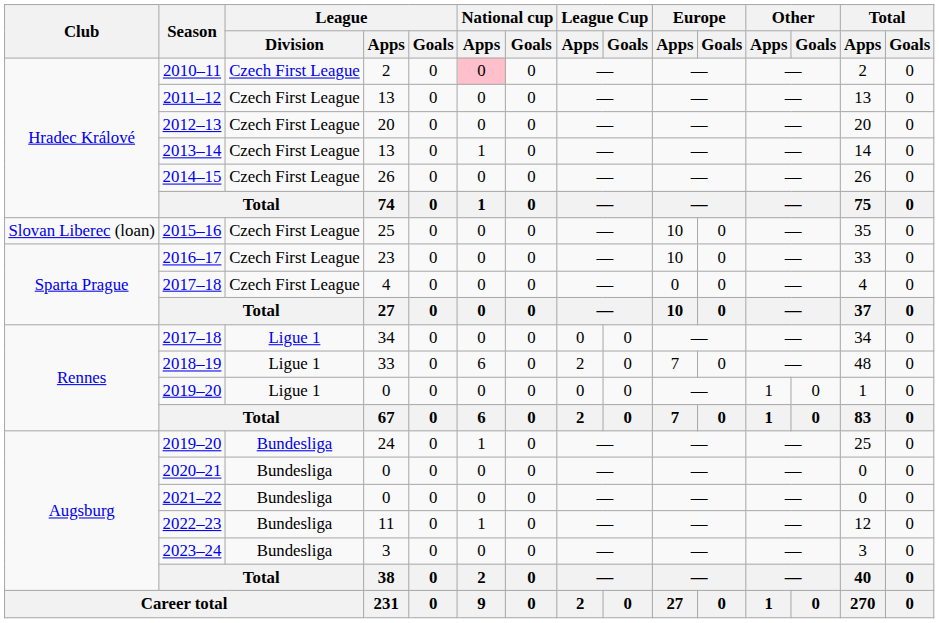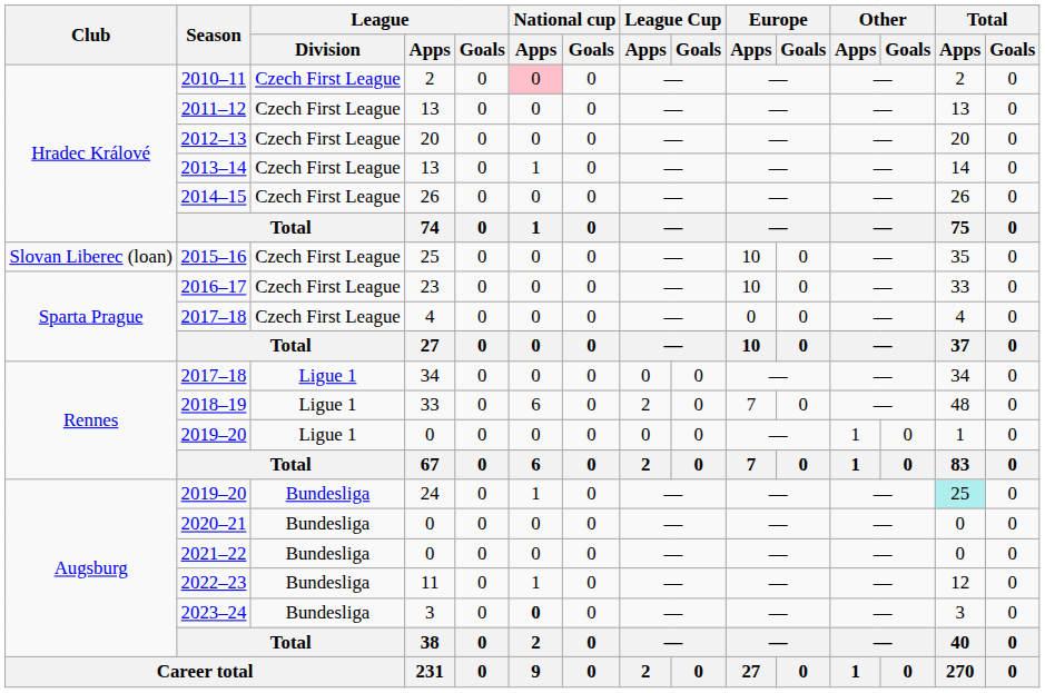 <table class="wikitable" style="text-align:center">
 <tr>
 <th rowspan="2">Club</th>
 <th rowspan="2">Season</th>
 <th colspan="3">League</th>
 <th colspan="2">National cup</th>
 <th colspan="2">League Cup</th>
 <th colspan="2">Europe</th>
 <th colspan="2">Other</th>
 <th colspan="2">Total</th>
 </tr>
 <tr>
 <th>Division</th>
 <th>Apps</th>
 <th>Goals</th>
 <th>Apps</th>
 <th>Goals</th>
 <th>Apps</th>
 <th>Goals</th>
 <th>Apps</th>
 <th>Goals</th>
 <th>Apps</th>
 <th>Goals</th>
 <th>Apps</th>
 <th>Goals</th>
 </tr>
 <tr>
 <td rowspan="6"><a href='#'>Hradec Králové</a></td>
 <td><a href='#'>2010–11</a></td>
 <td><a href='#'>Czech First League</a></td>
 <td>2</td>
 <td>0</td>
 <td style="background: pink;">0</td>
 <td>0</td>
 <td colspan="2">—</td>
 <td colspan="2">—</td>
 <td colspan="2">—</td>
 <td>2</td>
 <td>0</td>
 </tr>
 <tr>
 <td><a href='#'>2011–12</a></td>
 <td>Czech First League</td>
 <td>13</td>
 <td>0</td>
 <td>0</td>
 <td>0</td>
 <td colspan="2">—</td>
 <td colspan="2">—</td>
 <td colspan="2">—</td>
 <td>13</td>
 <td>0</td>
 </tr>
 <tr>
 <td><a href='#'>2012–13</a></td>
 <td>Czech First League</td>
 <td>20</td>
 <td>0</td>
 <td>0</td>
 <td>0</td>
 <td colspan="2">—</td>
 <td colspan="2">—</td>
 <td colspan="2">—</td>
 <td>20</td>
 <td>0</td>
 </tr>
 <tr>
 <td><a href='#'>2013–14</a></td>
 <td>Czech First League</td>
 <td>13</td>
 <td>0</td>
 <td>1</td>
 <td>0</td>
 <td colspan="2">—</td>
 <td colspan="2">—</td>
 <td colspan="2">—</td>
 <td>14</td>
 <td>0</td>
 </tr>
 <tr>
 <td><a href='#'>2014–15</a></td>
 <td>Czech First League</td>
 <td>26</td>
 <td>0</td>
 <td>0</td>
 <td>0</td>
 <td colspan="2">—</td>
 <td colspan="2">—</td>
 <td colspan="2">—</td>
 <td>26</td>
 <td>0</td>
 </tr>
 <tr>
 <th colspan="2">Total</th>
 <th>74</th>
 <th>0</th>
 <th>1</th>
 <th>0</th>
 <th colspan="2">—</th>
 <th colspan="2">—</th>
 <th colspan="2">—</th>
 <th>75</th>
 <th>0</th>
 </tr>
 <tr>
 <td><a href='#'>Slovan Liberec</a> (loan)</td>
 <td><a href='#'>2015–16</a></td>
 <td>Czech First League</td>
 <td>25</td>
 <td>0</td>
 <td>0</td>
 <td>0</td>
 <td colspan="2">—</td>
 <td>10</td>
 <td>0</td>
 <td colspan="2">—</td>
 <td>35</td>
 <td>0</td>
 </tr>
 <tr>
 <td rowspan="3"><a href='#'>Sparta Prague</a></td>
 <td><a href='#'>2016–17</a></td>
 <td>Czech First League</td>
 <td>23</td>
 <td>0</td>
 <td>0</td>
 <td>0</td>
 <td colspan="2">—</td>
 <td>10</td>
 <td>0</td>
 <td colspan="2">—</td>
 <td>33</td>
 <td>0</td>
 </tr>
 <tr>
 <td><a href='#'>2017–18</a></td>
 <td>Czech First League</td>
 <td>4</td>
 <td>0</td>
 <td>0</td>
 <td>0</td>
 <td colspan="2">—</td>
 <td>0</td>
 <td>0</td>
 <td colspan="2">—</td>
 <td>4</td>
 <td>0</td>
 </tr>
 <tr>
 <th colspan="2">Total</th>
 <th>27</th>
 <th>0</th>
 <th>0</th>
 <th>0</th>
 <th colspan="2">—</th>
 <th>10</th>
 <th>0</th>
 <th colspan="2">—</th>
 <th>37</th>
 <th>0</th>
 </tr>
 <tr>
 <td rowspan="4"><a href='#'>Rennes</a></td>
 <td><a href='#'>2017–18</a></td>
 <td><a href='#'>Ligue 1</a></td>
 <td>34</td>
 <td>0</td>
 <td>0</td>
 <td>0</td>
 <td>0</td>
 <td>0</td>
 <td colspan="2">—</td>
 <td colspan="2">—</td>
 <td>34</td>
 <td>0</td>
 </tr>
 <tr>
 <td><a href='#'>2018–19</a></td>
 <td>Ligue 1</td>
 <td>33</td>
 <td>0</td>
 <td>6</td>
 <td>0</td>
 <td>2</td>
 <td>0</td>
 <td>7</td>
 <td>0</td>
 <td colspan="2">—</td>
 <td>48</td>
 <td>0</td>
 </tr>
 <tr>
 <td><a href='#'>2019–20</a></td>
 <td>Ligue 1</td>
 <td>0</td>
 <td>0</td>
 <td>0</td>
 <td>0</td>
 <td>0</td>
 <td>0</td>
 <td colspan="2">—</td>
 <td>1</td>
 <td>0</td>
 <td>1</td>
 <td>0</td>
 </tr>
 <tr>
 <th colspan="2">Total</th>
 <th>67</th>
 <th>0</th>
 <th>6</th>
 <th>0</th>
 <th>2</th>
 <th>0</th>
 <th>7</th>
 <th>0</th>
 <th>1</th>
 <th>0</th>
 <th>83</th>
 <th>0</th>
 </tr>
 <tr>
 <td rowspan="6"><a href='#'>Augsburg</a></td>
 <td><a href='#'>2019–20</a></td>
 <td><a href='#'>Bundesliga</a></td>
 <td>24</td>
 <td>0</td>
 <td>1</td>
 <td>0</td>
 <td colspan="2">—</td>
 <td colspan="2">—</td>
 <td colspan="2">—</td>
-<td>25</td>
+<td style="background: paleturquoise;">25</td>
 <td>0</td>
 </tr>
 <tr>
 <td><a href='#'>2020–21</a></td>
 <td>Bundesliga</td>
 <td>0</td>
 <td>0</td>
 <td>0</td>
 <td>0</td>
 <td colspan="2">—</td>
 <td colspan="2">—</td>
 <td colspan="2">—</td>
 <td>0</td>
 <td>0</td>
 </tr>
 <tr>
 <td><a href='#'>2021–22</a></td>
 <td>Bundesliga</td>
 <td>0</td>
 <td>0</td>
 <td>0</td>
 <td>0</td>
 <td colspan="2">—</td>
 <td colspan="2">—</td>
 <td colspan="2">—</td>
 <td>0</td>
 <td>0</td>
 </tr>
 <tr>
 <td><a href='#'>2022–23</a></td>
 <td>Bundesliga</td>
 <td>11</td>
 <td>0</td>
 <td>1</td>
 <td>0</td>
 <td colspan="2">—</td>
 <td colspan="2">—</td>
 <td colspan="2">—</td>
 <td>12</td>
 <td>0</td>
 </tr>
 <tr>
 <td><a href='#'>2023–24</a></td>
 <td>Bundesliga</td>
 <td>3</td>
 <td>0</td>
-<td>0</td>
+<td><strong>0</strong></td>
 <td>0</td>
 <td colspan="2">—</td>
 <td colspan="2">—</td>
 <td colspan="2">—</td>
 <td>3</td>
 <td>0</td>
 </tr>
 <tr>
 <th colspan="2">Total</th>
 <th>38</th>
 <th>0</th>
 <th>2</th>
 <th>0</th>
 <th colspan="2">—</th>
 <th colspan="2">—</th>
 <th colspan="2">—</th>
 <th>40</th>
 <th>0</th>
 </tr>
 <tr>
 <th colspan="3">Career total</th>
 <th>231</th>
 <th>0</th>
 <th>9</th>
 <th>0</th>
 <th>2</th>
 <th>0</th>
 <th>27</th>
 <th>0</th>
 <th>1</th>
 <th>0</th>
 <th>270</th>
 <th>0</th>
 </tr>
 </table>
